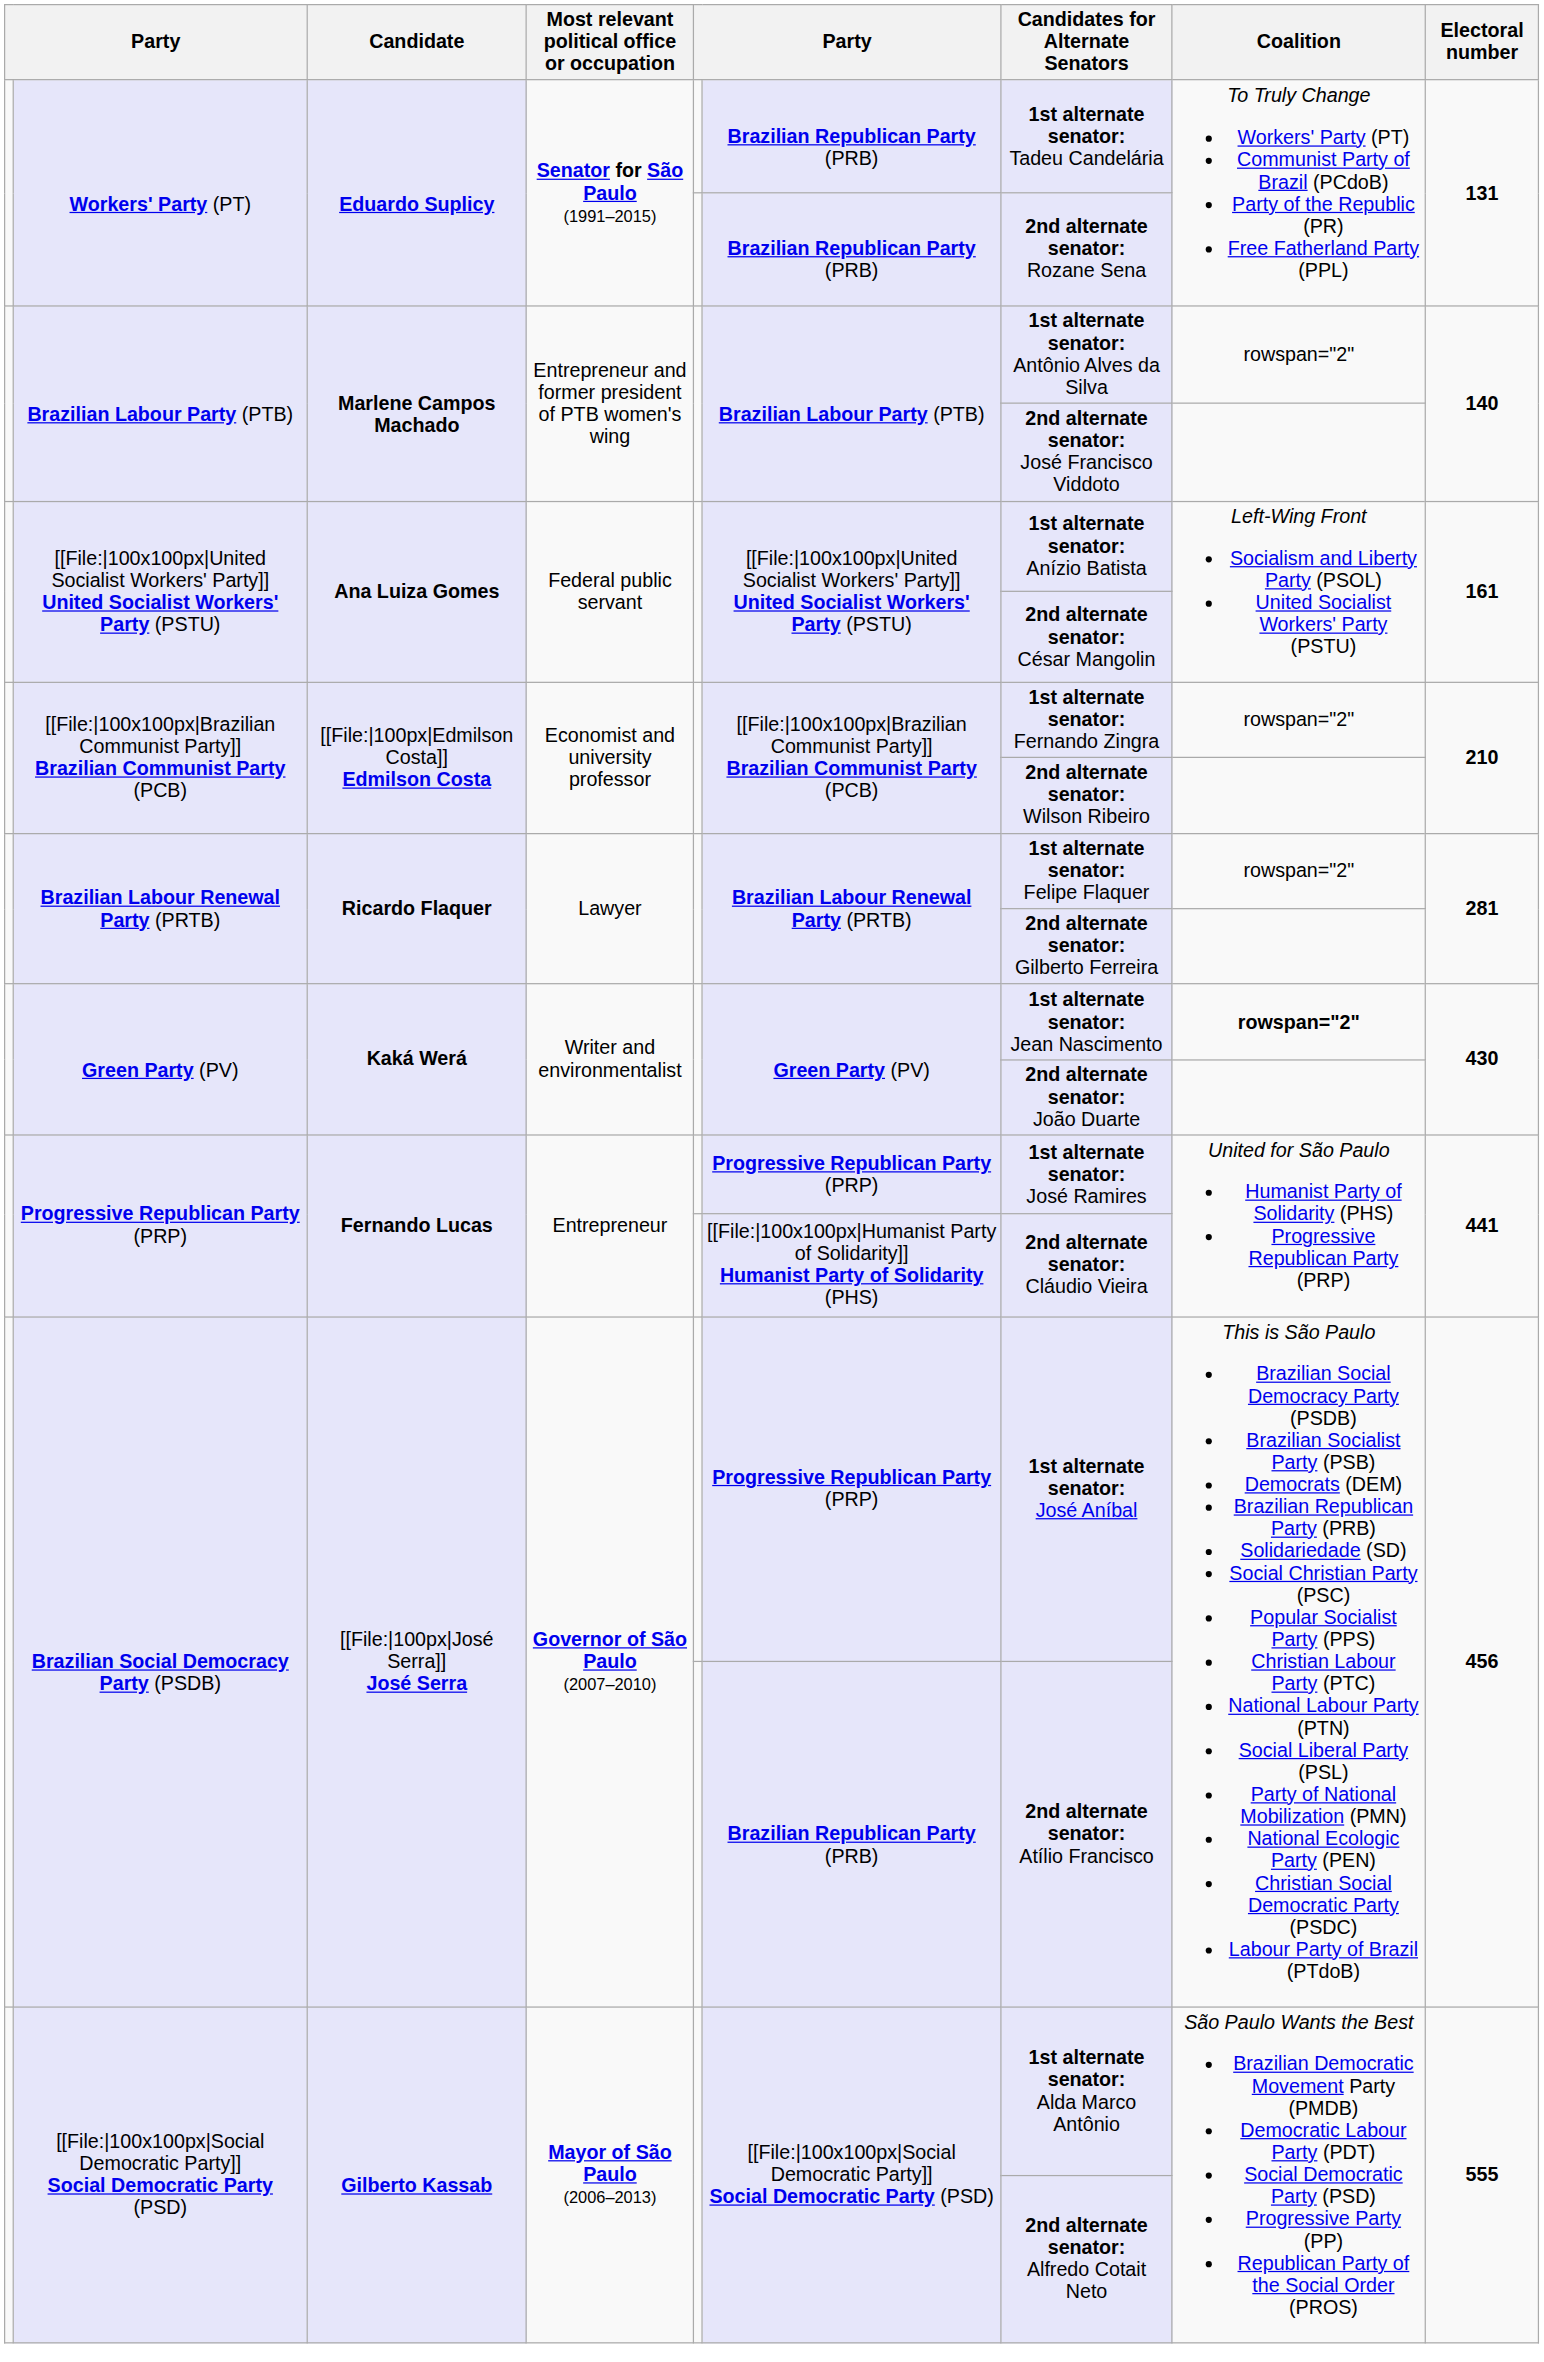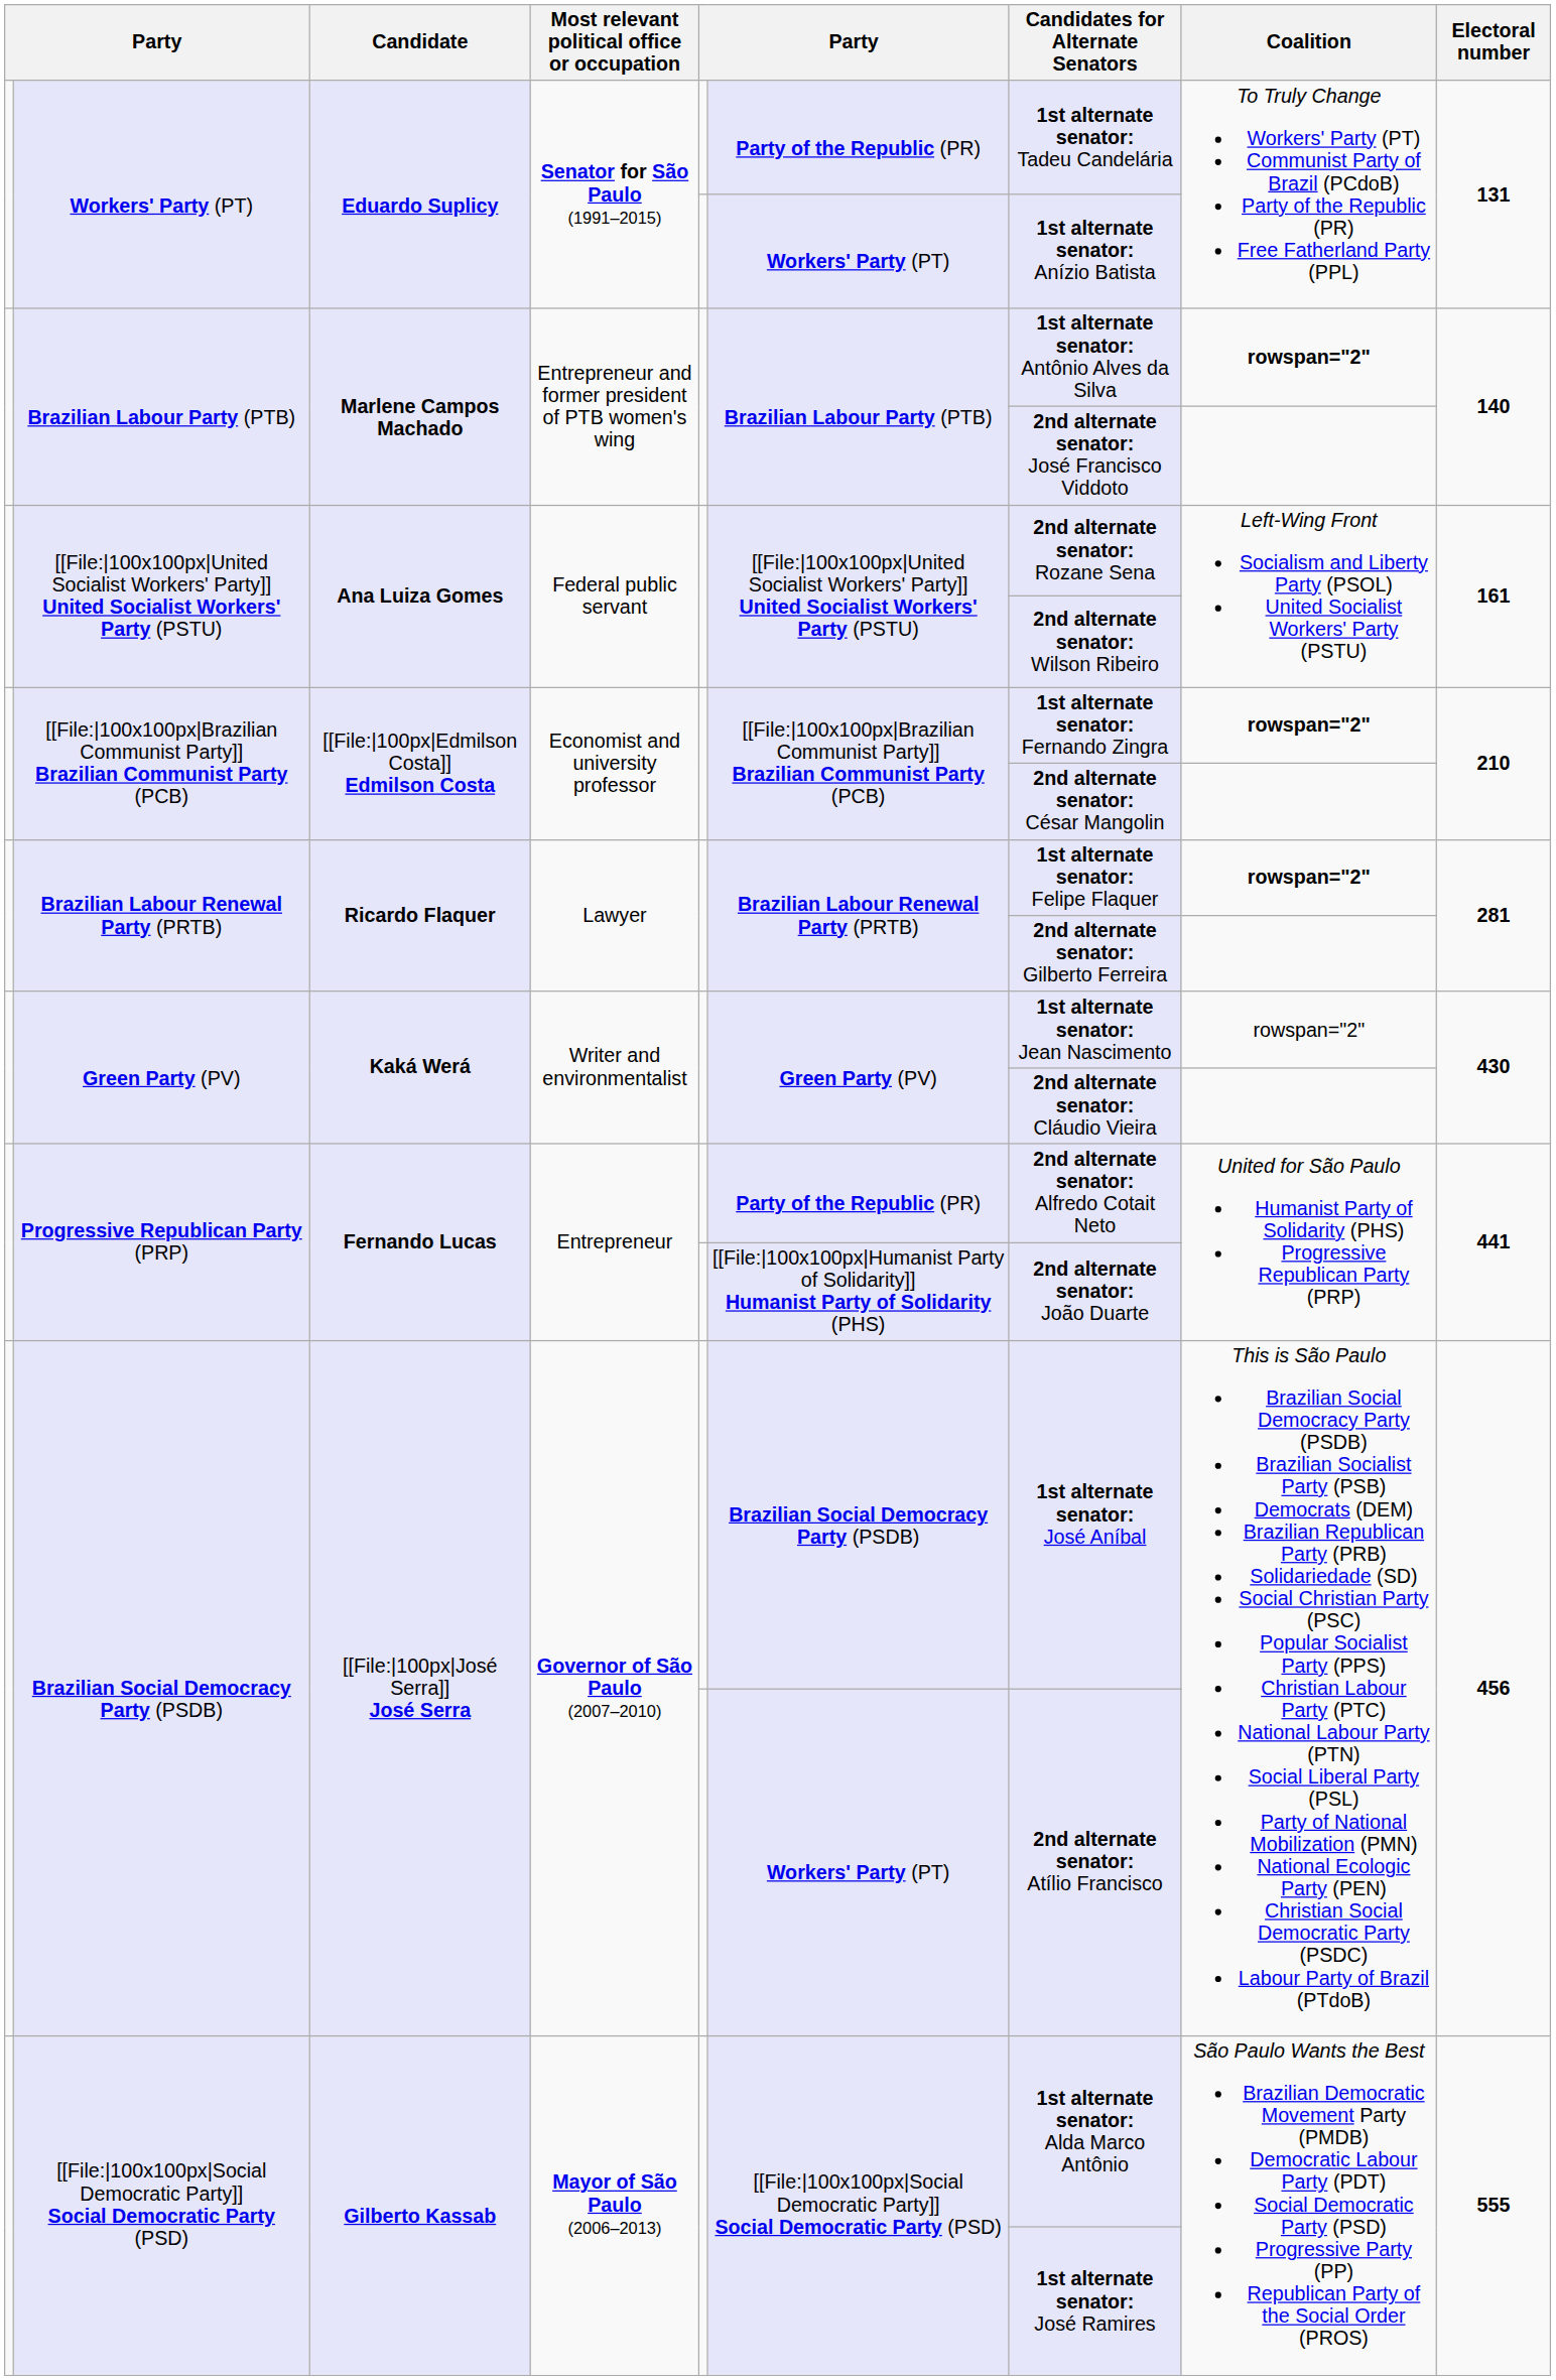 <table class="wikitable" style="text-align:center">
 <tr>
 <th colspan="2">Party</th>
 <th>Candidate</th>
 <th style="max-width:10em">Most relevant political office or occupation</th>
 <th colspan="2">Party</th>
 <th>Candidates for Alternate Senators</th>
 <th>Coalition</th>
 <th>Electoral number</th>
 </tr>
 <tr>
 <td rowspan="2" style="background:"></td>
 <td rowspan="2" style="background:lavender;" max-width:150px><br><strong><a href='#'>Workers' Party</a></strong> (PT)</td>
 <td rowspan="2" style="background:lavender;" max-width:150px><br><strong><a href='#'>Eduardo Suplicy</a></strong></td>
 <td rowspan="2" style="max-width:10em"><strong><a href='#'>Senator</a> for <a href='#'>São Paulo</a></strong><br><small>(1991–2015)</small></td>
 <td style="background:"></td>
-<td style="background:lavender;" max-width:150px><br><strong><a href='#'>Brazilian Republican Party</a></strong> (PRB)</td>
+<td style="background:lavender;" max-width:150px><br><strong><a href='#'>Party of the Republic</a></strong> (PR)</td>
 <td style="background:lavender;"><strong>1st alternate senator:</strong><br>Tadeu Candelária</td>
 <td rowspan="2"><em>To Truly Change</em><br><ul><li><a href='#'>Workers' Party</a> (PT)</li><li><a href='#'>Communist Party of Brazil</a> (PCdoB)</li><li><a href='#'>Party of the Republic</a> (PR)</li><li><a href='#'>Free Fatherland Party</a> (PPL)</li></ul></td>
 <td rowspan="2"><strong>131</strong></td>
 </tr>
 <tr>
 <td style="background:"></td>
-<td style="background:lavender;" max-width:150px><br><strong><a href='#'>Brazilian Republican Party</a></strong> (PRB)</td>
-<td style="background:lavender;"><strong>2nd alternate senator:</strong><br>Rozane Sena</td>
+<td style="background:lavender;" max-width:150px><br><strong><a href='#'>Workers' Party</a></strong> (PT)</td>
+<td style="background:lavender;"><strong>1st alternate senator:</strong><br>Anízio Batista</td>
 </tr>
 <tr>
 <td rowspan="2" style="background:"></td>
 <td rowspan="2" style="background:lavender;" max-width:150px><br><strong><a href='#'>Brazilian Labour Party</a></strong> (PTB)</td>
 <td rowspan="2" style="background:lavender;" max-width:150px><br><strong>Marlene Campos Machado</strong></td>
 <td rowspan="2" style="max-width:10em">Entrepreneur and former president of PTB women's wing</td>
 <td rowspan="2" style="background:"></td>
 <td rowspan="2" style="background:lavender;" max-width:150px><br><strong><a href='#'>Brazilian Labour Party</a></strong> (PTB)</td>
 <td style="background:lavender;"><strong>1st alternate senator:</strong><br>Antônio Alves da Silva</td>
-<td>rowspan="2" </td>
+<td><strong>rowspan="2" </strong></td>
 <td rowspan="2"><strong>140</strong></td>
 </tr>
 <tr>
 <td style="background:lavender;"><strong>2nd alternate senator:</strong><br>José Francisco Viddoto</td>
 </tr>
 <tr>
 <td rowspan="2" style="background:"></td>
 <td rowspan="2" style="background:lavender;" max-width:150px>[[File:|100x100px|United Socialist Workers' Party]]<br><strong><a href='#'>United Socialist Workers' Party</a></strong> (PSTU)</td>
 <td rowspan="2" style="background:lavender;" max-width:150px><strong>Ana Luiza Gomes</strong></td>
 <td rowspan="2" style="max-width:10em">Federal public servant</td>
 <td rowspan="2" style="background:"></td>
 <td rowspan="2" style="background:lavender;" max-width:150px>[[File:|100x100px|United Socialist Workers' Party]]<br><strong><a href='#'>United Socialist Workers' Party</a></strong> (PSTU)</td>
-<td style="background:lavender;"><strong>1st alternate senator:</strong><br>Anízio Batista</td>
+<td style="background:lavender;"><strong>2nd alternate senator:</strong><br>Rozane Sena</td>
 <td rowspan="2"><em>Left-Wing Front</em><br><ul><li><a href='#'>Socialism and Liberty Party</a> (PSOL)</li><li><a href='#'>United Socialist Workers' Party</a> (PSTU)</li></ul></td>
 <td rowspan="2"><strong>161</strong></td>
 </tr>
 <tr>
-<td style="background:lavender;"><strong>2nd alternate senator:</strong><br>César Mangolin</td>
+<td style="background:lavender;"><strong>2nd alternate senator:</strong><br>Wilson Ribeiro</td>
 </tr>
 <tr>
 <td rowspan="2" style="background:"></td>
 <td rowspan="2" style="background:lavender;" max-width:150px>[[File:|100x100px|Brazilian Communist Party]]<br><strong><a href='#'>Brazilian Communist Party</a></strong> (PCB)</td>
 <td rowspan="2" style="background:lavender;" max-width:150px>[[File:|100px|Edmilson Costa]]<br><strong><a href='#'>Edmilson Costa</a></strong></td>
 <td rowspan="2" style="max-width:10em">Economist and university professor</td>
 <td rowspan="2" style="background:"></td>
 <td rowspan="2" style="background:lavender;" max-width:150px>[[File:|100x100px|Brazilian Communist Party]]<br><strong><a href='#'>Brazilian Communist Party</a></strong> (PCB)</td>
 <td style="background:lavender;"><strong>1st alternate senator:</strong><br>Fernando Zingra</td>
-<td>rowspan="2" </td>
+<td><strong>rowspan="2" </strong></td>
 <td rowspan="2"><strong>210</strong></td>
 </tr>
 <tr>
-<td style="background:lavender;"><strong>2nd alternate senator:</strong><br>Wilson Ribeiro</td>
+<td style="background:lavender;"><strong>2nd alternate senator:</strong><br>César Mangolin</td>
 </tr>
 <tr>
 <td rowspan="2" style="background:"></td>
 <td rowspan="2" style="background:lavender;" max-width:150px><strong><a href='#'>Brazilian Labour Renewal Party</a></strong> (PRTB)</td>
 <td rowspan="2" style="background:lavender;" max-width:150px><strong>Ricardo Flaquer</strong></td>
 <td rowspan="2" style="max-width:10em">Lawyer</td>
 <td rowspan="2" style="background:"></td>
 <td rowspan="2" style="background:lavender;" max-width:150px><strong><a href='#'>Brazilian Labour Renewal Party</a></strong> (PRTB)</td>
 <td style="background:lavender;"><strong>1st alternate senator:</strong><br>Felipe Flaquer</td>
-<td>rowspan="2" </td>
+<td><strong>rowspan="2" </strong></td>
 <td rowspan="2"><strong>281</strong></td>
 </tr>
 <tr>
 <td style="background:lavender;"><strong>2nd alternate senator:</strong><br>Gilberto Ferreira</td>
 </tr>
 <tr>
 <td rowspan="2" style="background:"></td>
 <td rowspan="2" style="background:lavender;" max-width:150px><br><strong><a href='#'>Green Party</a></strong> (PV)</td>
 <td rowspan="2" style="background:lavender;" max-width:150px><strong>Kaká Werá</strong></td>
 <td rowspan="2" style="max-width:10em">Writer and environmentalist</td>
 <td rowspan="2" style="background:"></td>
 <td rowspan="2" style="background:lavender;" max-width:150px><br><strong><a href='#'>Green Party</a></strong> (PV)</td>
 <td style="background:lavender;"><strong>1st alternate senator:</strong><br>Jean Nascimento</td>
-<td><strong>rowspan="2" </strong></td>
+<td>rowspan="2" </td>
 <td rowspan="2"><strong>430</strong></td>
 </tr>
 <tr>
-<td style="background:lavender;"><strong>2nd alternate senator:</strong><br>João Duarte</td>
+<td style="background:lavender;"><strong>2nd alternate senator:</strong><br>Cláudio Vieira</td>
 </tr>
 <tr>
 <td rowspan="2" style="background:"></td>
 <td rowspan="2" style="background:lavender;" max-width:150px><strong><a href='#'>Progressive Republican Party</a></strong> (PRP)</td>
 <td rowspan="2" style="background:lavender;" max-width:150px><strong>Fernando Lucas</strong></td>
 <td rowspan="2" style="max-width:10em">Entrepreneur</td>
 <td style="background:"></td>
-<td style="background:lavender;" max-width:150px><strong><a href='#'>Progressive Republican Party</a></strong> (PRP)</td>
-<td style="background:lavender;"><strong>1st alternate senator:</strong><br>José Ramires</td>
+<td style="background:lavender;" max-width:150px><br><strong><a href='#'>Party of the Republic</a></strong> (PR)</td>
+<td style="background:lavender;"><strong>2nd alternate senator:</strong><br>Alfredo Cotait Neto</td>
 <td rowspan="2"><em>United for São Paulo</em><br><ul><li><a href='#'>Humanist Party of Solidarity</a> (PHS)</li><li><a href='#'>Progressive Republican Party</a> (PRP)</li></ul></td>
 <td rowspan="2"><strong>441</strong></td>
 </tr>
 <tr>
 <td style="background:"></td>
 <td style="background:lavender;" max-width:150px>[[File:|100x100px|Humanist Party of Solidarity]]<br><strong><a href='#'>Humanist Party of Solidarity</a></strong> (PHS)</td>
-<td style="background:lavender;"><strong>2nd alternate senator:</strong><br>Cláudio Vieira</td>
+<td style="background:lavender;"><strong>2nd alternate senator:</strong><br>João Duarte</td>
 </tr>
 <tr>
 <td rowspan="2" style="background:"></td>
 <td rowspan="2" style="background:lavender;" max-width:150px><br><strong><a href='#'>Brazilian Social Democracy Party</a></strong> (PSDB)</td>
 <td rowspan="2" style="background:lavender;" max-width:150px>[[File:|100px|José Serra]]<br><strong><a href='#'>José Serra</a></strong></td>
 <td rowspan="2" style="max-width:10em"><strong><a href='#'>Governor of São Paulo</a></strong><br><small>(2007–2010)</small></td>
 <td style="background:"></td>
-<td style="background:lavender;" max-width:150px><strong><a href='#'>Progressive Republican Party</a></strong> (PRP)</td>
+<td style="background:lavender;" max-width:150px><br><strong><a href='#'>Brazilian Social Democracy Party</a></strong> (PSDB)</td>
 <td style="background:lavender;"><strong>1st alternate senator:</strong><br><a href='#'>José Aníbal</a></td>
 <td rowspan="2"><em>This is São Paulo</em><br><ul><li><a href='#'>Brazilian Social Democracy Party</a> (PSDB)</li><li><a href='#'>Brazilian Socialist Party</a> (PSB)</li><li><a href='#'>Democrats</a> (DEM)</li><li><a href='#'>Brazilian Republican Party</a> (PRB)</li><li><a href='#'>Solidariedade</a> (SD)</li><li><a href='#'>Social Christian Party</a> (PSC)</li><li><a href='#'>Popular Socialist Party</a> (PPS)</li><li><a href='#'>Christian Labour Party</a> (PTC)</li><li><a href='#'>National Labour Party</a> (PTN)</li><li><a href='#'>Social Liberal Party</a> (PSL)</li><li><a href='#'>Party of National Mobilization</a> (PMN)</li><li><a href='#'>National Ecologic Party</a> (PEN)</li><li><a href='#'>Christian Social Democratic Party</a> (PSDC)</li><li><a href='#'>Labour Party of Brazil</a> (PTdoB)</li></ul></td>
 <td rowspan="2"><strong>456</strong></td>
 </tr>
 <tr>
 <td style="background:"></td>
-<td style="background:lavender;" max-width:150px><br><strong><a href='#'>Brazilian Republican Party</a></strong> (PRB)</td>
+<td style="background:lavender;" max-width:150px><br><strong><a href='#'>Workers' Party</a></strong> (PT)</td>
 <td style="background:lavender;"><strong>2nd alternate senator:</strong><br>Atílio Francisco</td>
 </tr>
 <tr>
 <td rowspan="2" style="background:"></td>
 <td rowspan="2" style="background:lavender;" max-width:150px>[[File:|100x100px|Social Democratic Party]]<br><strong><a href='#'>Social Democratic Party</a></strong> (PSD)</td>
 <td rowspan="2" style="background:lavender;" max-width:150px><br><strong><a href='#'>Gilberto Kassab</a></strong></td>
 <td rowspan="2" style="max-width:10em"><strong><a href='#'>Mayor of São Paulo</a></strong><br><small>(2006–2013)</small></td>
 <td rowspan="2" style="background:"></td>
 <td rowspan="2" style="background:lavender;" max-width:150px>[[File:|100x100px|Social Democratic Party]]<br><strong><a href='#'>Social Democratic Party</a></strong> (PSD)</td>
 <td style="background:lavender;"><strong>1st alternate senator:</strong><br>Alda Marco Antônio</td>
 <td rowspan="2"><em>São Paulo Wants the Best</em><br><ul><li><a href='#'>Brazilian Democratic Movement</a> Party (PMDB)</li><li><a href='#'>Democratic Labour Party</a> (PDT)</li><li><a href='#'>Social Democratic Party</a> (PSD)</li><li><a href='#'>Progressive Party</a> (PP)</li><li><a href='#'>Republican Party of the Social Order</a> (PROS)</li></ul></td>
 <td rowspan="2"><strong>555</strong></td>
 </tr>
 <tr>
-<td style="background:lavender;"><strong>2nd alternate senator:</strong><br>Alfredo Cotait Neto</td>
+<td style="background:lavender;"><strong>1st alternate senator:</strong><br>José Ramires</td>
 </tr>
 </table>
